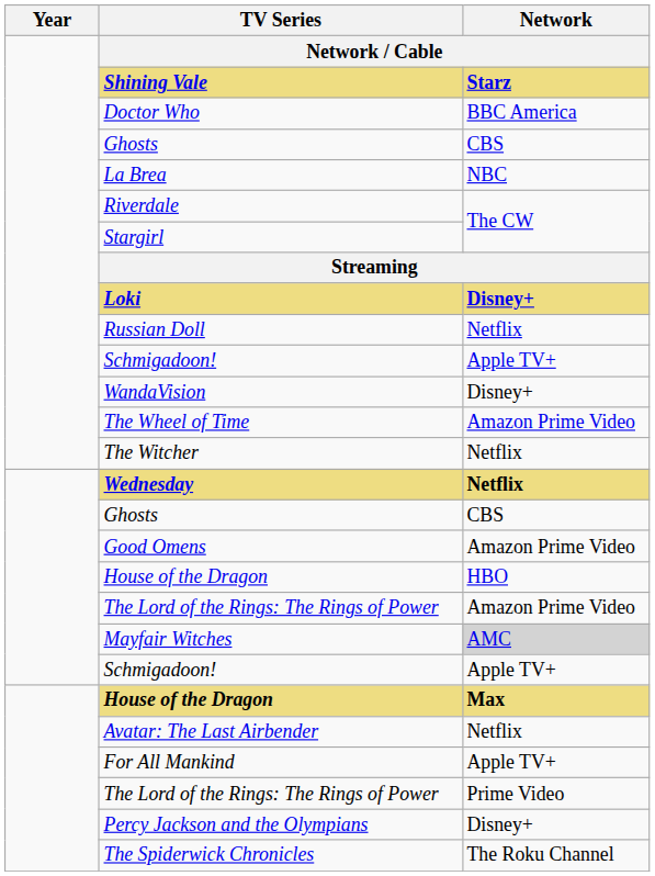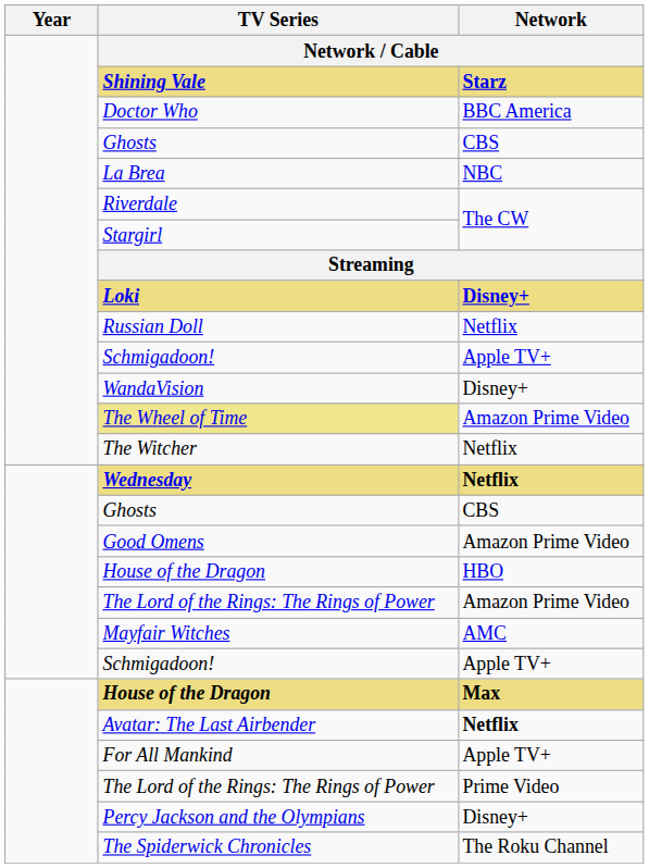 <table class="wikitable" width="60%" align="centre">
 <tr>
 <th width="70px">Year</th>
 <th>TV Series</th>
 <th>Network</th>
 </tr>
 <tr>
 <td rowspan="14"></td>
 <th colspan="2">Network / Cable</th>
 </tr>
 <tr>
 <td style="background:#EEDD82"><strong><em><a href='#'>Shining Vale</a></em></strong></td>
 <td style="background:#EEDD82"><strong><a href='#'>Starz</a></strong></td>
 </tr>
 <tr>
 <td><em><a href='#'>Doctor Who</a></em></td>
 <td><a href='#'>BBC America</a></td>
 </tr>
 <tr>
 <td><em><a href='#'>Ghosts</a></em></td>
 <td><a href='#'>CBS</a></td>
 </tr>
 <tr>
 <td><em><a href='#'>La Brea</a></em></td>
 <td><a href='#'>NBC</a></td>
 </tr>
 <tr>
 <td><em><a href='#'>Riverdale</a></em></td>
 <td rowspan="2"><a href='#'>The CW</a></td>
 </tr>
 <tr>
 <td><em><a href='#'>Stargirl</a></em></td>
 </tr>
 <tr>
 <th colspan="2">Streaming</th>
 </tr>
 <tr>
 <td style="background:#EEDD82"><strong><em><a href='#'>Loki</a></em></strong></td>
 <td style="background:#EEDD82"><strong><a href='#'>Disney+</a></strong></td>
 </tr>
 <tr>
 <td><em><a href='#'>Russian Doll</a></em></td>
 <td><a href='#'>Netflix</a></td>
 </tr>
 <tr>
 <td><em><a href='#'>Schmigadoon!</a></em></td>
 <td><a href='#'>Apple TV+</a></td>
 </tr>
 <tr>
 <td><em><a href='#'>WandaVision</a></em></td>
 <td>Disney+</td>
 </tr>
 <tr>
-<td><em><a href='#'>The Wheel of Time</a></em></td>
+<td style="background: khaki;"><em><a href='#'>The Wheel of Time</a></em></td>
 <td><a href='#'>Amazon Prime Video</a></td>
 </tr>
 <tr>
 <td><em>The Witcher</em></td>
 <td>Netflix</td>
 </tr>
 <tr>
 <td rowspan="7"></td>
 <td style="background:#EEDD82"><strong><em><a href='#'>Wednesday</a></em></strong></td>
 <td style="background:#EEDD82"><strong>Netflix</strong></td>
 </tr>
 <tr>
 <td><em>Ghosts</em></td>
 <td>CBS</td>
 </tr>
 <tr>
 <td><em><a href='#'>Good Omens</a></em></td>
 <td>Amazon Prime Video</td>
 </tr>
 <tr>
 <td><em><a href='#'>House of the Dragon</a></em></td>
 <td><a href='#'>HBO</a></td>
 </tr>
 <tr>
 <td><em><a href='#'>The Lord of the Rings: The Rings of Power</a></em></td>
 <td>Amazon Prime Video</td>
 </tr>
 <tr>
 <td><em><a href='#'>Mayfair Witches</a></em></td>
-<td style="background: lightgrey;"><a href='#'>AMC</a></td>
+<td><a href='#'>AMC</a></td>
 </tr>
 <tr>
 <td><em>Schmigadoon!</em></td>
 <td>Apple TV+</td>
 </tr>
 <tr>
 <td rowspan="6"></td>
 <td style="background:#EEDD82"><strong><em>House of the Dragon</em></strong></td>
 <td style="background:#EEDD82"><strong>Max</strong></td>
 </tr>
 <tr>
 <td><em><a href='#'>Avatar: The Last Airbender</a></em></td>
-<td>Netflix</td>
+<td><strong>Netflix</strong></td>
 </tr>
 <tr>
 <td><em>For All Mankind</em></td>
 <td>Apple TV+</td>
 </tr>
 <tr>
 <td><em>The Lord of the Rings: The Rings of Power</em></td>
 <td>Prime Video</td>
 </tr>
 <tr>
 <td><em><a href='#'>Percy Jackson and the Olympians</a></em></td>
 <td>Disney+</td>
 </tr>
 <tr>
 <td><em><a href='#'>The Spiderwick Chronicles</a></em></td>
 <td>The Roku Channel</td>
 </tr>
 </table>
